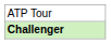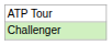 <table class=wikitable style=font-size:85% width=10%>
 <tr bgcolor="#ffffff">
 <td>ATP Tour</td>
 </tr>
 <tr bgcolor="d0f0c0">
-<td><strong>Challenger</strong></td>
+<td>Challenger</td>
 </tr>
 </table>
